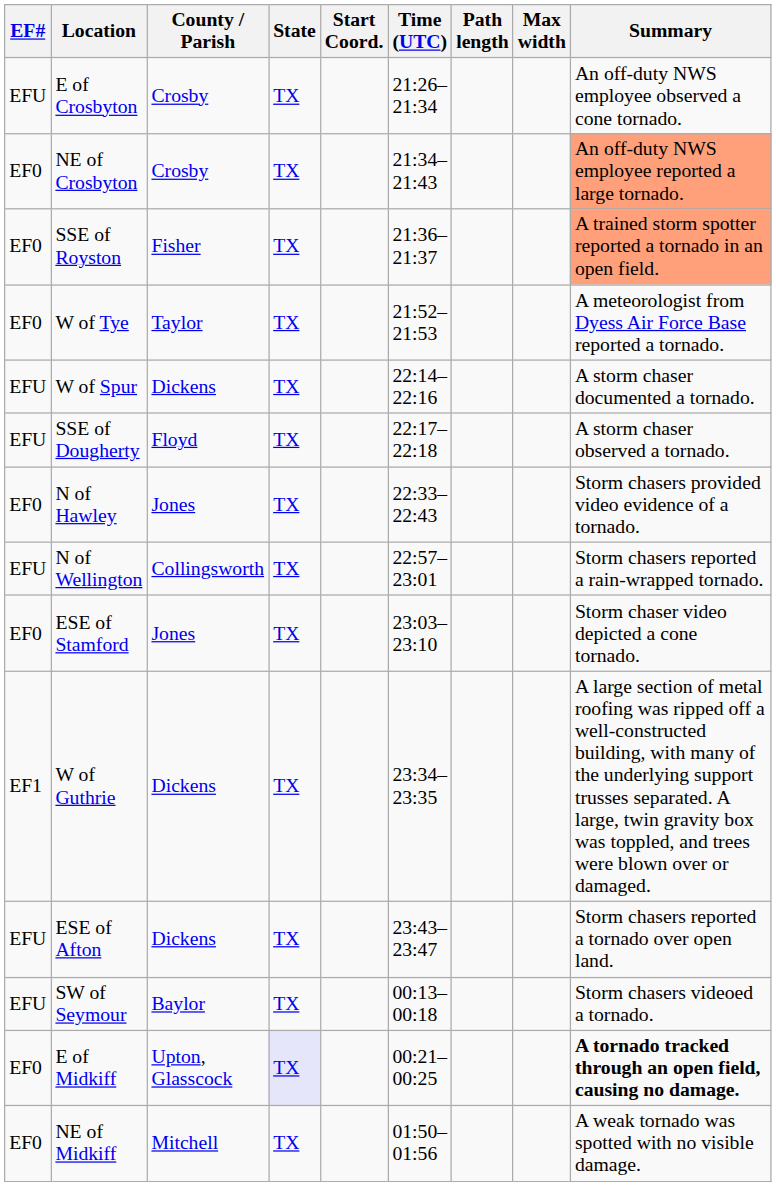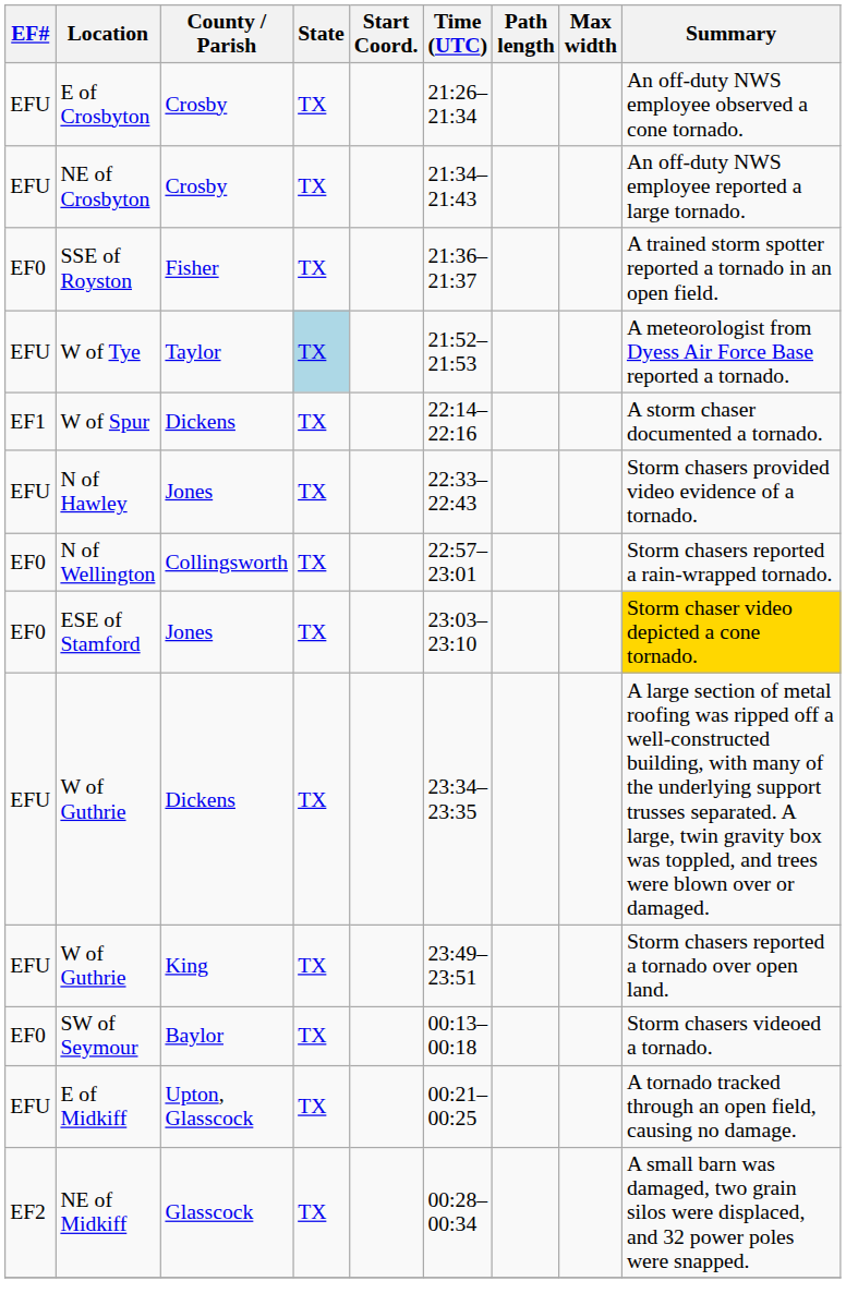 <table class="wikitable sortable" style="width:100%;">
 <tr>
 <th scope="col" style="width:3%; text-align:center;"><a href='#'>EF#</a></th>
 <th scope="col" style="width:7%; text-align:center;" class="unsortable">Location</th>
 <th scope="col" style="width:6%; text-align:center;" class="unsortable">County / Parish</th>
 <th scope="col" style="width:5%; text-align:center;">State</th>
 <th scope="col" style="width:6%; text-align:center;">Start Coord.</th>
 <th scope="col" style="width:6%; text-align:center;">Time (<a href='#'>UTC</a>)</th>
 <th scope="col" style="width:6%; text-align:center;">Path length</th>
 <th scope="col" style="width:6%; text-align:center;">Max width</th>
 <th scope="col" class="unsortable" style="width:48%; text-align:center;">Summary</th>
 </tr>
 <tr>
 <td>EFU</td>
 <td>E of <a href='#'>Crosbyton</a></td>
 <td><a href='#'>Crosby</a></td>
 <td><a href='#'>TX</a></td>
 <td></td>
 <td>21:26–21:34</td>
 <td></td>
 <td></td>
 <td>An off-duty NWS employee observed a cone tornado.</td>
 </tr>
 <tr>
-<td>EF0</td>
+<td>EFU</td>
 <td>NE of <a href='#'>Crosbyton</a></td>
 <td><a href='#'>Crosby</a></td>
 <td><a href='#'>TX</a></td>
 <td></td>
 <td>21:34–21:43</td>
 <td></td>
 <td></td>
-<td style="background: lightsalmon;">An off-duty NWS employee reported a large tornado.</td>
+<td>An off-duty NWS employee reported a large tornado.</td>
 </tr>
 <tr>
 <td>EF0</td>
 <td>SSE of <a href='#'>Royston</a></td>
 <td><a href='#'>Fisher</a></td>
 <td><a href='#'>TX</a></td>
 <td></td>
 <td>21:36–21:37</td>
 <td></td>
 <td></td>
-<td style="background: lightsalmon;">A trained storm spotter reported a tornado in an open field.</td>
+<td>A trained storm spotter reported a tornado in an open field.</td>
 </tr>
 <tr>
-<td>EF0</td>
+<td>EFU</td>
 <td>W of <a href='#'>Tye</a></td>
 <td><a href='#'>Taylor</a></td>
-<td><a href='#'>TX</a></td>
+<td style="background: lightblue;"><a href='#'>TX</a></td>
 <td></td>
 <td>21:52–21:53</td>
 <td></td>
 <td></td>
 <td>A meteorologist from <a href='#'>Dyess Air Force Base</a> reported a tornado.</td>
 </tr>
 <tr>
-<td>EFU</td>
+<td>EF1</td>
 <td>W of <a href='#'>Spur</a></td>
 <td><a href='#'>Dickens</a></td>
 <td><a href='#'>TX</a></td>
 <td></td>
 <td>22:14–22:16</td>
 <td></td>
 <td></td>
 <td>A storm chaser documented a tornado.</td>
 </tr>
 <tr>
 <td>EFU</td>
-<td>SSE of <a href='#'>Dougherty</a></td>
-<td><a href='#'>Floyd</a></td>
-<td><a href='#'>TX</a></td>
-<td></td>
-<td>22:17–22:18</td>
-<td></td>
-<td></td>
-<td>A storm chaser observed a tornado.</td>
-</tr>
-<tr>
-<td>EF0</td>
 <td>N of <a href='#'>Hawley</a></td>
 <td><a href='#'>Jones</a></td>
 <td><a href='#'>TX</a></td>
 <td></td>
 <td>22:33–22:43</td>
 <td></td>
 <td></td>
 <td>Storm chasers provided video evidence of a tornado.</td>
 </tr>
 <tr>
-<td>EFU</td>
+<td>EF0</td>
 <td>N of <a href='#'>Wellington</a></td>
 <td><a href='#'>Collingsworth</a></td>
 <td><a href='#'>TX</a></td>
 <td></td>
 <td>22:57–23:01</td>
 <td></td>
 <td></td>
 <td>Storm chasers reported a rain-wrapped tornado.</td>
 </tr>
 <tr>
 <td>EF0</td>
 <td>ESE of <a href='#'>Stamford</a></td>
 <td><a href='#'>Jones</a></td>
 <td><a href='#'>TX</a></td>
 <td></td>
 <td>23:03–23:10</td>
 <td></td>
 <td></td>
-<td>Storm chaser video depicted a cone tornado.</td>
+<td style="background: gold;">Storm chaser video depicted a cone tornado.</td>
 </tr>
 <tr>
-<td>EF1</td>
+<td>EFU</td>
 <td>W of <a href='#'>Guthrie</a></td>
 <td><a href='#'>Dickens</a></td>
 <td><a href='#'>TX</a></td>
 <td></td>
 <td>23:34–23:35</td>
 <td></td>
 <td></td>
 <td>A large section of metal roofing was ripped off a well-constructed building, with many of the underlying support trusses separated. A large, twin gravity box was toppled, and trees were blown over or damaged.</td>
 </tr>
 <tr>
 <td>EFU</td>
-<td>ESE of <a href='#'>Afton</a></td>
-<td><a href='#'>Dickens</a></td>
+<td>W of <a href='#'>Guthrie</a></td>
+<td><a href='#'>King</a></td>
 <td><a href='#'>TX</a></td>
 <td></td>
-<td>23:43–23:47</td>
+<td>23:49–23:51</td>
 <td></td>
 <td></td>
 <td>Storm chasers reported a tornado over open land.</td>
 </tr>
 <tr>
-<td>EFU</td>
+<td>EF0</td>
 <td>SW of <a href='#'>Seymour</a></td>
 <td><a href='#'>Baylor</a></td>
 <td><a href='#'>TX</a></td>
 <td></td>
 <td>00:13–00:18</td>
 <td></td>
 <td></td>
 <td>Storm chasers videoed a tornado.</td>
 </tr>
 <tr>
-<td>EF0</td>
+<td>EFU</td>
 <td>E of <a href='#'>Midkiff</a></td>
 <td><a href='#'>Upton</a>, <a href='#'>Glasscock</a></td>
-<td style="background: lavender;"><a href='#'>TX</a></td>
+<td><a href='#'>TX</a></td>
 <td></td>
 <td>00:21–00:25</td>
 <td></td>
 <td></td>
-<td><strong>A tornado tracked through an open field, causing no damage.</strong></td>
+<td>A tornado tracked through an open field, causing no damage.</td>
 </tr>
 <tr>
-<td>EF0</td>
+<td>EF2</td>
 <td>NE of <a href='#'>Midkiff</a></td>
-<td><a href='#'>Mitchell</a></td>
+<td><a href='#'>Glasscock</a></td>
 <td><a href='#'>TX</a></td>
 <td></td>
-<td>01:50–01:56</td>
+<td>00:28–00:34</td>
 <td></td>
 <td></td>
-<td>A weak tornado was spotted with no visible damage.</td>
+<td>A small barn was damaged, two grain silos were displaced, and 32 power poles were snapped.</td>
 </tr>
 <tr>
 </tr>
 </table>
